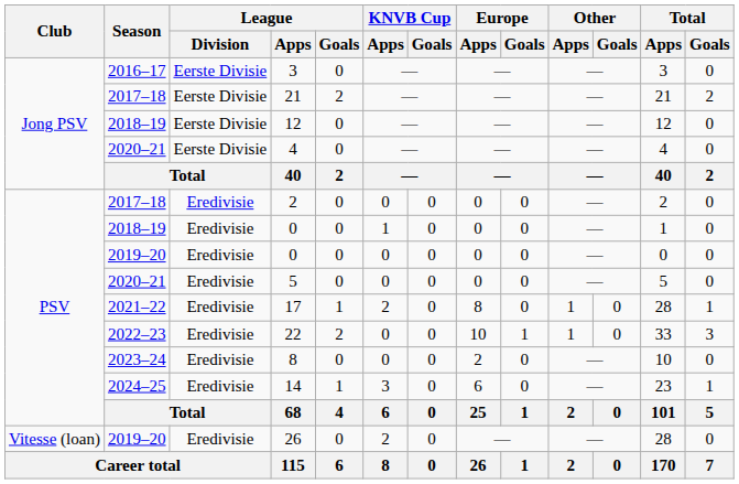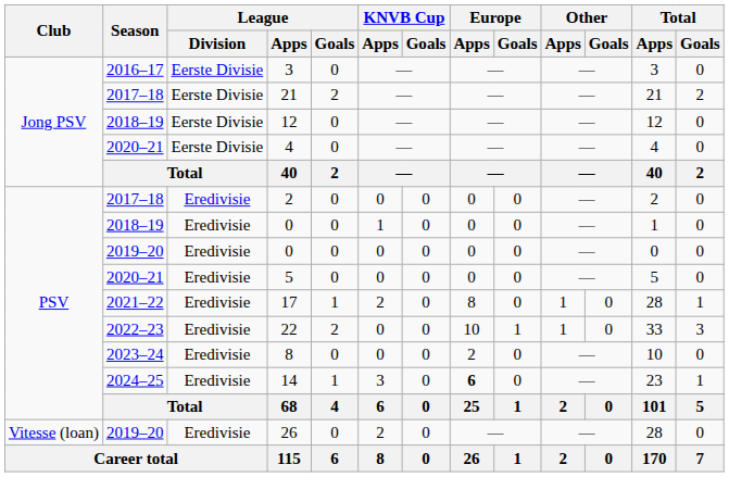 <table class="wikitable" style="text-align:center">
 <tr>
 <th rowspan="2">Club</th>
 <th rowspan="2">Season</th>
 <th colspan="3">League</th>
 <th colspan="2"><a href='#'>KNVB Cup</a></th>
 <th colspan="2">Europe</th>
 <th colspan="2">Other</th>
 <th colspan="2">Total</th>
 </tr>
 <tr>
 <th>Division</th>
 <th>Apps</th>
 <th>Goals</th>
 <th>Apps</th>
 <th>Goals</th>
 <th>Apps</th>
 <th>Goals</th>
 <th>Apps</th>
 <th>Goals</th>
 <th>Apps</th>
 <th>Goals</th>
 </tr>
 <tr>
 <td rowspan="5"><a href='#'>Jong PSV</a></td>
 <td><a href='#'>2016–17</a></td>
 <td><a href='#'>Eerste Divisie</a></td>
 <td>3</td>
 <td>0</td>
 <td colspan="2">—</td>
 <td colspan="2">—</td>
 <td colspan="2">—</td>
 <td>3</td>
 <td>0</td>
 </tr>
 <tr>
 <td><a href='#'>2017–18</a></td>
 <td>Eerste Divisie</td>
 <td>21</td>
 <td>2</td>
 <td colspan="2">—</td>
 <td colspan="2">—</td>
 <td colspan="2">—</td>
 <td>21</td>
 <td>2</td>
 </tr>
 <tr>
 <td><a href='#'>2018–19</a></td>
 <td>Eerste Divisie</td>
 <td>12</td>
 <td>0</td>
 <td colspan="2">—</td>
 <td colspan="2">—</td>
 <td colspan="2">—</td>
 <td>12</td>
 <td>0</td>
 </tr>
 <tr>
 <td><a href='#'>2020–21</a></td>
 <td>Eerste Divisie</td>
 <td>4</td>
 <td>0</td>
 <td colspan="2">—</td>
 <td colspan="2">—</td>
 <td colspan="2">—</td>
 <td>4</td>
 <td>0</td>
 </tr>
 <tr>
 <th colspan="2">Total</th>
 <th>40</th>
 <th>2</th>
 <th colspan="2">—</th>
 <th colspan="2">—</th>
 <th colspan="2">—</th>
 <th>40</th>
 <th>2</th>
 </tr>
 <tr>
 <td rowspan="9"><a href='#'>PSV</a></td>
 <td><a href='#'>2017–18</a></td>
 <td><a href='#'>Eredivisie</a></td>
 <td>2</td>
 <td>0</td>
 <td>0</td>
 <td>0</td>
 <td>0</td>
 <td>0</td>
 <td colspan="2">—</td>
 <td>2</td>
 <td>0</td>
 </tr>
 <tr>
 <td><a href='#'>2018–19</a></td>
 <td>Eredivisie</td>
 <td>0</td>
 <td>0</td>
 <td>1</td>
 <td>0</td>
 <td>0</td>
 <td>0</td>
 <td colspan="2">—</td>
 <td>1</td>
 <td>0</td>
 </tr>
 <tr>
 <td><a href='#'>2019–20</a></td>
 <td>Eredivisie</td>
 <td>0</td>
 <td>0</td>
 <td>0</td>
 <td>0</td>
 <td>0</td>
 <td>0</td>
 <td colspan="2">—</td>
 <td>0</td>
 <td>0</td>
 </tr>
 <tr>
 <td><a href='#'>2020–21</a></td>
 <td>Eredivisie</td>
 <td>5</td>
 <td>0</td>
 <td>0</td>
 <td>0</td>
 <td>0</td>
 <td>0</td>
 <td colspan="2">—</td>
 <td>5</td>
 <td>0</td>
 </tr>
 <tr>
 <td><a href='#'>2021–22</a></td>
 <td>Eredivisie</td>
 <td>17</td>
 <td>1</td>
 <td>2</td>
 <td>0</td>
 <td>8</td>
 <td>0</td>
 <td>1</td>
 <td>0</td>
 <td>28</td>
 <td>1</td>
 </tr>
 <tr>
 <td><a href='#'>2022–23</a></td>
 <td>Eredivisie</td>
 <td>22</td>
 <td>2</td>
 <td>0</td>
 <td>0</td>
 <td>10</td>
 <td>1</td>
 <td>1</td>
 <td>0</td>
 <td>33</td>
 <td>3</td>
 </tr>
 <tr>
 <td><a href='#'>2023–24</a></td>
 <td>Eredivisie</td>
 <td>8</td>
 <td>0</td>
 <td>0</td>
 <td>0</td>
 <td>2</td>
 <td>0</td>
 <td colspan="2">—</td>
 <td>10</td>
 <td>0</td>
 </tr>
 <tr>
 <td><a href='#'>2024–25</a></td>
 <td>Eredivisie</td>
 <td>14</td>
 <td>1</td>
 <td>3</td>
 <td>0</td>
-<td>6</td>
+<td><strong>6</strong></td>
 <td>0</td>
 <td colspan="2">—</td>
 <td>23</td>
 <td>1</td>
 </tr>
 <tr>
 <th colspan="2">Total</th>
 <th>68</th>
 <th>4</th>
 <th>6</th>
 <th>0</th>
 <th>25</th>
 <th>1</th>
 <th>2</th>
 <th>0</th>
 <th>101</th>
 <th>5</th>
 </tr>
 <tr>
 <td><a href='#'>Vitesse</a> (loan)</td>
 <td><a href='#'>2019–20</a></td>
 <td>Eredivisie</td>
 <td>26</td>
 <td>0</td>
 <td>2</td>
 <td>0</td>
 <td colspan="2">—</td>
 <td colspan="2">—</td>
 <td>28</td>
 <td>0</td>
 </tr>
 <tr>
 <th colspan="3">Career total</th>
 <th>115</th>
 <th>6</th>
 <th>8</th>
 <th>0</th>
 <th>26</th>
 <th>1</th>
 <th>2</th>
 <th>0</th>
 <th>170</th>
 <th>7</th>
 </tr>
 </table>
